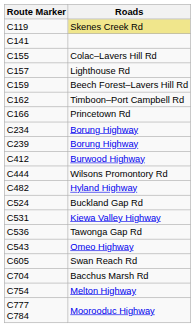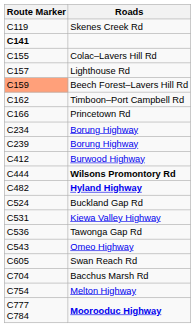 <table style="margin-left:1em; margin-bottom:1em; color:black; font-size:95%;" class="wikitable">
 <tr style="text-align:center;">
 <th>Route Marker</th>
 <th>Roads</th>
 </tr>
 <tr>
 <td> C119</td>
-<td style="background: khaki;">Skenes Creek Rd</td>
+<td>Skenes Creek Rd</td>
 </tr>
 <tr>
-<td> C141</td>
+<td><strong> C141</strong></td>
 <td></td>
 </tr>
 <tr>
 <td> C155</td>
 <td>Colac–Lavers Hill Rd</td>
 </tr>
 <tr>
 <td> C157</td>
 <td>Lighthouse Rd</td>
 </tr>
 <tr>
-<td> C159</td>
+<td style="background: lightsalmon;"> C159</td>
 <td>Beech Forest–Lavers Hill Rd</td>
 </tr>
 <tr>
 <td> C162</td>
 <td>Timboon–Port Campbell Rd</td>
 </tr>
 <tr>
 <td> C166</td>
 <td>Princetown Rd</td>
 </tr>
 <tr>
 <td> C234</td>
 <td><a href='#'>Borung Highway</a></td>
 </tr>
 <tr>
 <td> C239</td>
 <td><a href='#'>Borung Highway</a></td>
 </tr>
 <tr>
 <td> C412</td>
 <td><a href='#'>Burwood Highway</a></td>
 </tr>
 <tr>
 <td> C444</td>
-<td>Wilsons Promontory Rd</td>
+<td><strong>Wilsons Promontory Rd</strong></td>
 </tr>
 <tr>
 <td> C482</td>
-<td><a href='#'>Hyland Highway</a></td>
+<td><strong><a href='#'>Hyland Highway</a></strong></td>
 </tr>
 <tr>
 <td> C524</td>
 <td>Buckland Gap Rd</td>
 </tr>
 <tr>
 <td> C531</td>
 <td><a href='#'>Kiewa Valley Highway</a></td>
 </tr>
 <tr>
 <td> C536</td>
 <td>Tawonga Gap Rd</td>
 </tr>
 <tr>
 <td> C543</td>
 <td><a href='#'>Omeo Highway</a></td>
 </tr>
 <tr>
 <td> C605</td>
 <td>Swan Reach Rd</td>
 </tr>
 <tr>
 <td> C704</td>
 <td>Bacchus Marsh Rd</td>
 </tr>
 <tr>
 <td> C754</td>
 <td><a href='#'>Melton Highway</a></td>
 </tr>
 <tr>
 <td> C777<br> C784</td>
-<td><a href='#'>Moorooduc Highway</a></td>
+<td><strong><a href='#'>Moorooduc Highway</a></strong></td>
 </tr>
 </table>
